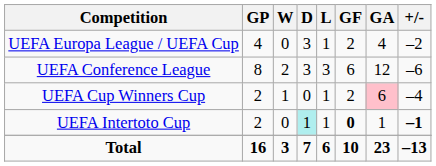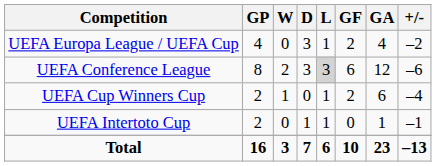 <table class="wikitable" style="text-align:center">
 <tr>
 <th>Competition</th>
 <th>GP</th>
 <th>W</th>
 <th>D</th>
 <th>L</th>
 <th>GF</th>
 <th>GA</th>
 <th>+/-</th>
 </tr>
 <tr>
 <td><a href='#'>UEFA Europa League / UEFA Cup</a></td>
 <td>4</td>
 <td>0</td>
 <td>3</td>
 <td>1</td>
 <td>2</td>
 <td>4</td>
 <td>–2</td>
 </tr>
 <tr>
 <td><a href='#'>UEFA Conference League</a></td>
 <td>8</td>
 <td>2</td>
 <td>3</td>
-<td>3</td>
+<td style="background: lightgrey;">3</td>
 <td>6</td>
 <td>12</td>
 <td>–6</td>
 </tr>
 <tr>
 <td><a href='#'>UEFA Cup Winners Cup</a></td>
 <td>2</td>
 <td>1</td>
 <td>0</td>
 <td>1</td>
 <td>2</td>
-<td style="background: pink;">6</td>
+<td>6</td>
 <td>–4</td>
 </tr>
 <tr>
 <td><a href='#'>UEFA Intertoto Cup</a></td>
 <td>2</td>
 <td>0</td>
-<td style="background: paleturquoise;">1</td>
 <td>1</td>
-<td><strong>0</strong></td>
 <td>1</td>
-<td><strong>–1</strong></td>
+<td>0</td>
+<td>1</td>
+<td>–1</td>
 </tr>
 <tr>
 </tr>
 <tr class="unsortable">
 <td><strong>Total</strong></td>
 <td><strong>16</strong></td>
 <td><strong>3</strong></td>
 <td><strong>7</strong></td>
 <td><strong>6</strong></td>
 <td><strong>10</strong></td>
 <td><strong>23</strong></td>
 <td><strong>–13</strong></td>
 </tr>
 </table>
